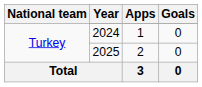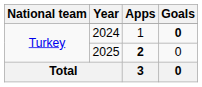 <table class="wikitable" style="text-align:center">
 <tr>
 <th>National team</th>
 <th>Year</th>
 <th>Apps</th>
 <th>Goals</th>
 </tr>
 <tr>
 <td rowspan=3><a href='#'>Turkey</a></td>
 </tr>
 <tr>
 <td>2024</td>
 <td>1</td>
-<td>0</td>
+<td><strong>0</strong></td>
 </tr>
 <tr>
 <td>2025</td>
-<td>2</td>
+<td><strong>2</strong></td>
 <td>0</td>
 </tr>
 <tr>
 <th colspan=2>Total</th>
 <th>3</th>
 <th>0</th>
 </tr>
 </table>
